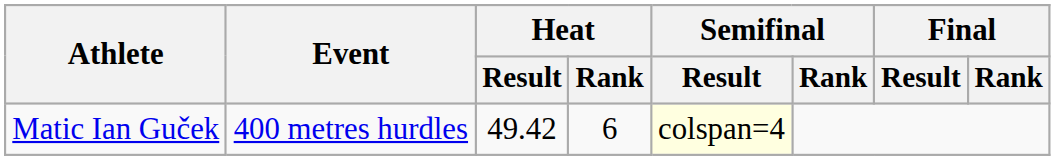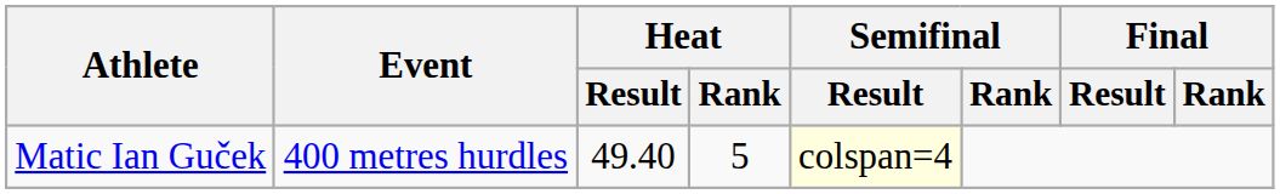 <table class="wikitable" style="font-size:90%">
 <tr>
 <th rowspan="2">Athlete</th>
 <th rowspan="2">Event</th>
 <th colspan="2">Heat</th>
 <th colspan="2">Semifinal</th>
 <th colspan="2">Final</th>
 </tr>
 <tr style="font-size:95%">
 <th>Result</th>
 <th>Rank</th>
 <th>Result</th>
 <th>Rank</th>
 <th>Result</th>
 <th>Rank</th>
 </tr>
 <tr align=center>
 <td align=left><a href='#'>Matic Ian Guček</a></td>
 <td align=left><a href='#'>400 metres hurdles</a></td>
-<td>49.42 </td>
-<td>6</td>
+<td>49.40 </td>
+<td>5</td>
 <td style="background: lightyellow;">colspan=4 </td>
 </tr>
 </table>
